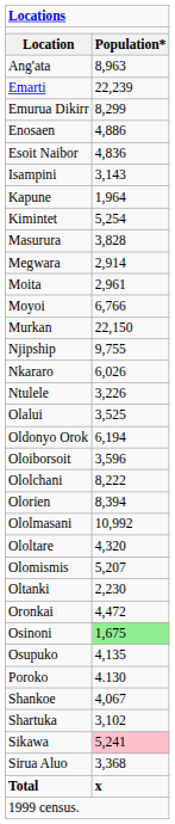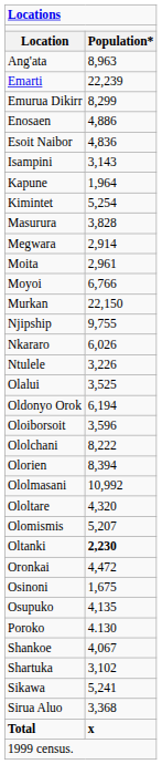 <table class="wikitable">
 <tr>
 <td colspan="2"><strong><a href='#'>Locations</a></strong></td>
 </tr>
 <tr>
 <td colspan="2"></td>
 </tr>
 <tr>
 <th>Location</th>
 <th>Population*</th>
 </tr>
 <tr>
 <td>Ang'ata</td>
 <td>8,963</td>
 </tr>
 <tr>
 <td><a href='#'>Emarti</a></td>
 <td>22,239</td>
 </tr>
 <tr>
 <td>Emurua Dikirr</td>
 <td>8,299</td>
 </tr>
 <tr>
 <td>Enosaen</td>
 <td>4,886</td>
 </tr>
 <tr>
 <td>Esoit Naibor</td>
 <td>4,836</td>
 </tr>
 <tr>
 <td>Isampini</td>
 <td>3,143</td>
 </tr>
 <tr>
 <td>Kapune</td>
 <td>1,964</td>
 </tr>
 <tr>
 <td>Kimintet</td>
 <td>5,254</td>
 </tr>
 <tr>
 <td>Masurura</td>
 <td>3,828</td>
 </tr>
 <tr>
 <td>Megwara</td>
 <td>2,914</td>
 </tr>
 <tr>
 <td>Moita</td>
 <td>2,961</td>
 </tr>
 <tr>
 <td>Moyoi</td>
 <td>6,766</td>
 </tr>
 <tr>
 <td>Murkan</td>
 <td>22,150</td>
 </tr>
 <tr>
 <td>Njipship</td>
 <td>9,755</td>
 </tr>
 <tr>
 <td>Nkararo</td>
 <td>6,026</td>
 </tr>
 <tr>
 <td>Ntulele</td>
 <td>3,226</td>
 </tr>
 <tr>
 <td>Olalui</td>
 <td>3,525</td>
 </tr>
 <tr>
 <td>Oldonyo Orok</td>
 <td>6,194</td>
 </tr>
 <tr>
 <td>Oloiborsoit</td>
 <td>3,596</td>
 </tr>
 <tr>
 <td>Ololchani</td>
 <td>8,222</td>
 </tr>
 <tr>
 <td>Olorien</td>
 <td>8,394</td>
 </tr>
 <tr>
 <td>Ololmasani</td>
 <td>10,992</td>
 </tr>
 <tr>
 <td>Ololtare</td>
 <td>4,320</td>
 </tr>
 <tr>
 <td>Olomismis</td>
 <td>5,207</td>
 </tr>
 <tr>
 <td>Oltanki</td>
-<td>2,230</td>
+<td><strong>2,230</strong></td>
 </tr>
 <tr>
 <td>Oronkai</td>
 <td>4,472</td>
 </tr>
 <tr>
 <td>Osinoni</td>
-<td style="background: lightgreen;">1,675</td>
+<td>1,675</td>
 </tr>
 <tr>
 <td>Osupuko</td>
 <td>4,135</td>
 </tr>
 <tr>
 <td>Poroko</td>
 <td>4.130</td>
 </tr>
 <tr>
 <td>Shankoe</td>
 <td>4,067</td>
 </tr>
 <tr>
 <td>Shartuka</td>
 <td>3,102</td>
 </tr>
 <tr>
 <td>Sikawa</td>
-<td style="background: pink;">5,241</td>
+<td>5,241</td>
 </tr>
 <tr>
 <td>Sirua Aluo</td>
 <td>3,368</td>
 </tr>
 <tr>
 <td><strong>Total</strong></td>
 <td><strong>x</strong></td>
 </tr>
 <tr>
 <td colspan="2">1999 census.</td>
 </tr>
 </table>
